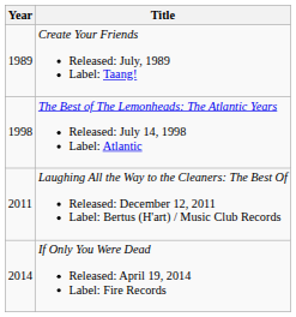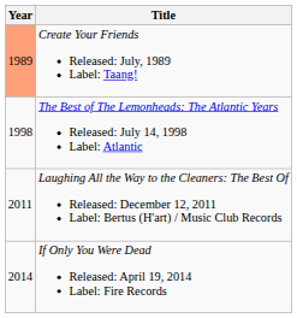 <table class="wikitable">
 <tr>
 <th>Year</th>
 <th>Title</th>
 </tr>
 <tr>
-<td>1989</td>
+<td style="background: lightsalmon;">1989</td>
 <td><em>Create Your Friends</em><br><ul><li>Released: July, 1989</li><li>Label: <a href='#'>Taang!</a></li></ul></td>
 </tr>
 <tr>
 <td>1998</td>
 <td><em><a href='#'>The Best of The Lemonheads: The Atlantic Years</a></em><br><ul><li>Released: July 14, 1998</li><li>Label: <a href='#'>Atlantic</a></li></ul></td>
 </tr>
 <tr>
 <td>2011</td>
 <td><em>Laughing All the Way to the Cleaners: The Best Of</em><br><ul><li>Released: December 12, 2011</li><li>Label: Bertus (H'art) / Music Club Records</li></ul></td>
 </tr>
 <tr>
 <td>2014</td>
 <td><em>If Only You Were Dead</em><br><ul><li>Released: April 19, 2014</li><li>Label: Fire Records</li></ul></td>
 </tr>
 </table>
